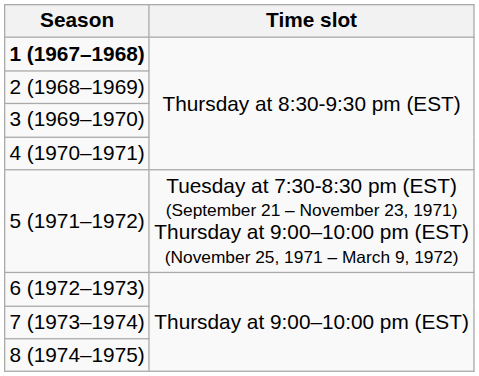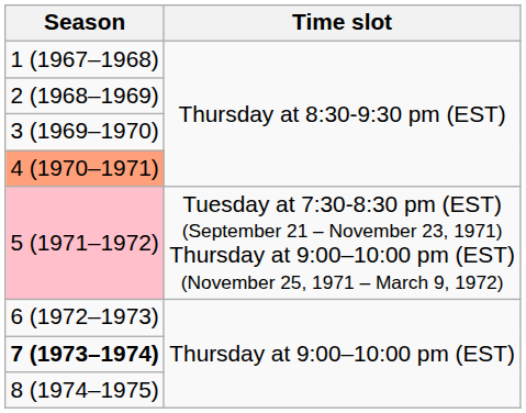 <table class="wikitable" style="text-align:center">
 <tr>
 <th>Season</th>
 <th>Time slot</th>
 </tr>
 <tr>
-<td><strong>1 (1967–1968)</strong></td>
+<td>1 (1967–1968)</td>
 <td rowspan="4">Thursday at 8:30-9:30 pm (EST)</td>
 </tr>
 <tr>
 <td>2 (1968–1969)</td>
 </tr>
 <tr>
 <td>3 (1969–1970)</td>
 </tr>
 <tr>
-<td>4 (1970–1971)</td>
+<td style="background: lightsalmon;">4 (1970–1971)</td>
 </tr>
 <tr>
-<td>5 (1971–1972)</td>
+<td style="background: pink;">5 (1971–1972)</td>
 <td>Tuesday at 7:30-8:30 pm (EST)<br><small>(September 21 – November 23, 1971)</small><br>Thursday at 9:00–10:00 pm (EST)<br><small>(November 25, 1971 – March 9, 1972)</small></td>
 </tr>
 <tr>
 <td>6 (1972–1973)</td>
 <td rowspan="3">Thursday at 9:00–10:00 pm (EST)</td>
 </tr>
 <tr>
-<td>7 (1973–1974)</td>
+<td><strong>7 (1973–1974)</strong></td>
 </tr>
 <tr>
 <td>8 (1974–1975)</td>
 </tr>
 </table>
